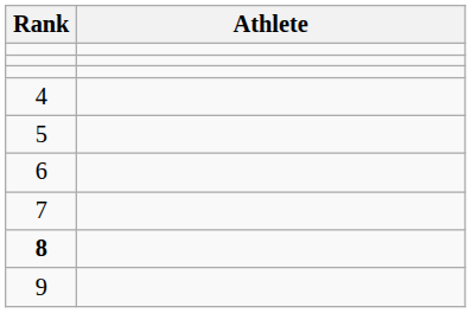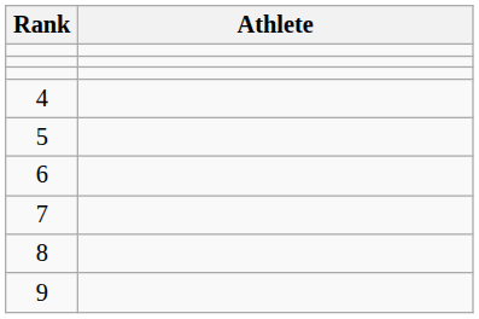 <table class="wikitable" style="text-align: center;">
 <tr>
 <th width=40>Rank</th>
 <th width=250>Athlete</th>
 </tr>
 <tr>
 <td></td>
 <td align=left></td>
 </tr>
 <tr>
 <td></td>
 <td align=left></td>
 </tr>
 <tr>
 <td></td>
 <td align=left></td>
 </tr>
 <tr>
 <td>4</td>
 <td align=left></td>
 </tr>
 <tr>
 <td>5</td>
 <td align=left></td>
 </tr>
 <tr>
 <td>6</td>
 <td align=left></td>
 </tr>
 <tr>
 <td>7</td>
 <td align=left></td>
 </tr>
 <tr>
-<td><strong>8</strong></td>
+<td>8</td>
 <td align=left></td>
 </tr>
 <tr>
 <td>9</td>
 <td align=left></td>
 </tr>
 </table>
